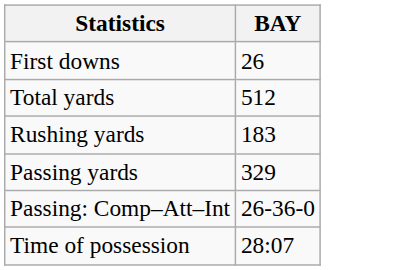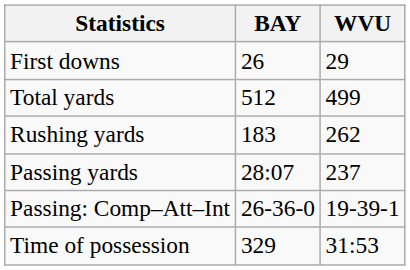 <table class="wikitable" style="float: left;">
 <tr>
 <th>Statistics</th>
 <th>BAY</th>
+<th>WVU</th>
 </tr>
 <tr>
 <td>First downs</td>
 <td>26</td>
+<td>29</td>
 </tr>
 <tr>
 <td>Total yards</td>
 <td>512</td>
+<td>499</td>
 </tr>
 <tr>
 <td>Rushing yards</td>
 <td>183</td>
+<td>262</td>
 </tr>
 <tr>
 <td>Passing yards</td>
-<td>329</td>
+<td>28:07</td>
+<td>237</td>
 </tr>
 <tr>
 <td>Passing: Comp–Att–Int</td>
 <td>26-36-0</td>
+<td>19-39-1</td>
 </tr>
 <tr>
 <td>Time of possession</td>
-<td>28:07</td>
+<td>329</td>
+<td>31:53</td>
 </tr>
 </table>
